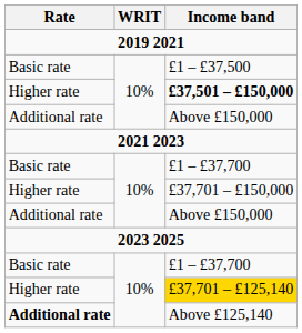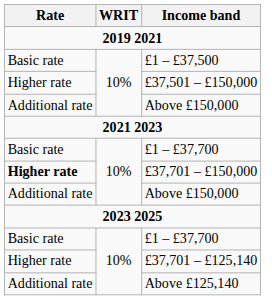 <table class="wikitable">
 <tr>
 <th>Rate</th>
 <th>WRIT</th>
 <th>Income band</th>
 </tr>
 <tr>
 <td colspan=3 style="text-align:center"><strong>2019  2021</strong></td>
 </tr>
 <tr>
 <td>Basic rate</td>
 <td rowspan="3" style="text-align:center">10%</td>
 <td>£1 – £37,500</td>
 </tr>
 <tr>
 <td>Higher rate</td>
-<td><strong>£37,501 – £150,000</strong></td>
+<td>£37,501 – £150,000</td>
 </tr>
 <tr>
 <td>Additional rate</td>
 <td>Above £150,000</td>
 </tr>
 <tr>
 <td colspan=3 style="text-align:center"><strong>2021  2023</strong></td>
 </tr>
 <tr>
 <td>Basic rate</td>
 <td rowspan="3" style="text-align:center">10%</td>
 <td>£1 – £37,700</td>
 </tr>
 <tr>
-<td>Higher rate</td>
+<td><strong>Higher rate</strong></td>
 <td>£37,701 – £150,000</td>
 </tr>
 <tr>
 <td>Additional rate</td>
 <td>Above £150,000</td>
 </tr>
 <tr>
 <td colspan=3 style="text-align:center"><strong>2023  2025</strong></td>
 </tr>
 <tr>
 <td>Basic rate</td>
 <td rowspan="3" style="text-align:center">10%</td>
 <td>£1 – £37,700</td>
 </tr>
 <tr>
 <td>Higher rate</td>
-<td style="background: gold;">£37,701 – £125,140</td>
+<td>£37,701 – £125,140</td>
 </tr>
 <tr>
-<td><strong>Additional rate</strong></td>
+<td>Additional rate</td>
 <td>Above £125,140</td>
 </tr>
 </table>
